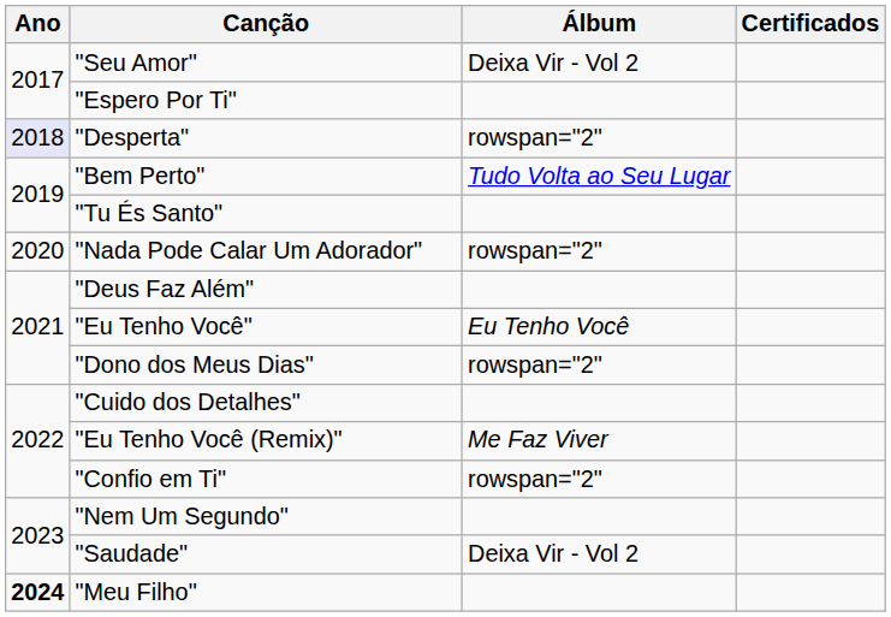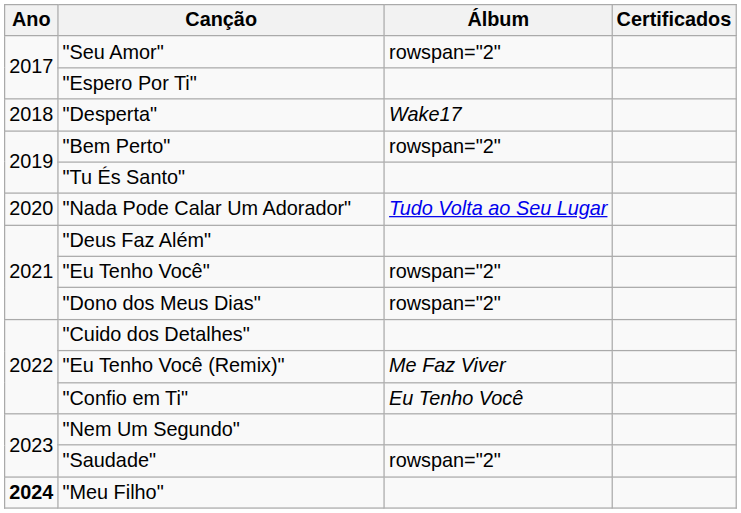 <table class="wikitable">
 <tr>
 <th style="width:1em;">Ano</th>
 <th style="width:16em;">Canção</th>
 <th>Álbum</th>
 <th>Certificados</th>
 </tr>
 <tr>
 <td rowspan="2">2017</td>
 <td>"Seu Amor" </td>
-<td>Deixa Vir - Vol 2</td>
+<td>rowspan="2" </td>
 <td></td>
 </tr>
 <tr>
 <td>"Espero Por Ti" </td>
 <td></td>
 </tr>
 <tr>
-<td style="background: lavender;">2018</td>
+<td>2018</td>
 <td>"Desperta" </td>
-<td>rowspan="2" </td>
+<td><em>Wake17</em></td>
 <td></td>
 </tr>
 <tr>
 <td rowspan="2">2019</td>
 <td>"Bem Perto" </td>
-<td><em><a href='#'>Tudo Volta ao Seu Lugar</a></em></td>
+<td>rowspan="2" </td>
 <td></td>
 </tr>
 <tr>
 <td>"Tu És Santo" </td>
 <td></td>
 </tr>
 <tr>
 <td>2020</td>
 <td>"Nada Pode Calar Um Adorador" </td>
-<td>rowspan="2" </td>
+<td><em><a href='#'>Tudo Volta ao Seu Lugar</a></em></td>
 <td><small></small></td>
 </tr>
 <tr>
 <td rowspan="3">2021</td>
 <td>"Deus Faz Além" </td>
 <td></td>
 <td></td>
 </tr>
 <tr>
 <td>"Eu Tenho Você" </td>
-<td><em>Eu Tenho Você</em></td>
+<td>rowspan="2" </td>
 <td></td>
 </tr>
 <tr>
 <td>"Dono dos Meus Dias" </td>
 <td>rowspan="2" </td>
 <td></td>
 </tr>
 <tr>
 <td rowspan="3">2022</td>
 <td>"Cuido dos Detalhes" </td>
 <td></td>
 </tr>
 <tr>
 <td>"Eu Tenho Você (Remix)" </td>
 <td><em>Me Faz Viver</em></td>
 <td></td>
 </tr>
 <tr>
 <td>"Confio em Ti" </td>
-<td>rowspan="2" </td>
+<td><em>Eu Tenho Você</em></td>
 <td></td>
 </tr>
 <tr>
 <td rowspan="2">2023</td>
 <td>"Nem Um Segundo" </td>
 <td></td>
 </tr>
 <tr>
 <td>"Saudade" </td>
-<td>Deixa Vir - Vol 2</td>
+<td>rowspan="2" </td>
 <td></td>
 </tr>
 <tr>
 <td><strong>2024</strong></td>
 <td>"Meu Filho" </td>
 <td></td>
 <td></td>
 </tr>
 </table>
